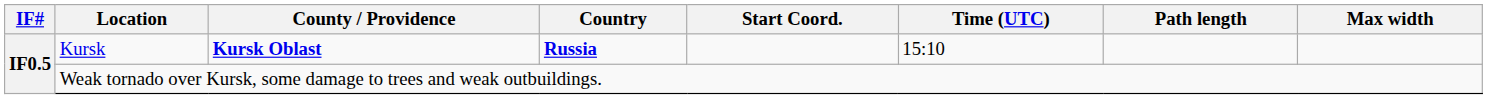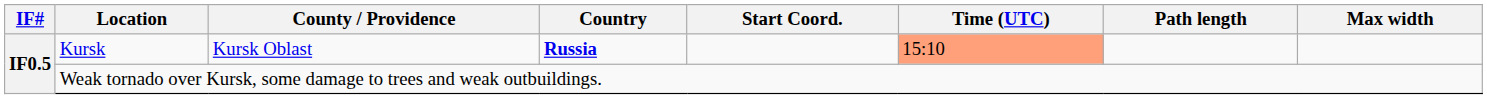 <table class="wikitable sortable" style="width:100%;">
 <tr>
 <th scope="col" width="2%" align="center"><a href='#'>IF#</a></th>
 <th scope="col" align="center" class="unsortable">Location</th>
 <th scope="col" align="center" class="unsortable">County / Providence</th>
 <th scope="col" align="center">Country</th>
 <th scope="col" align="center">Start Coord.</th>
 <th scope="col" align="center">Time (<a href='#'>UTC</a>)</th>
 <th scope="col" align="center">Path length</th>
 <th scope="col" align="center">Max width</th>
 </tr>
 <tr>
 <th scope="row" rowspan="2" style="background-color:#">IF0.5</th>
 <td><a href='#'>Kursk</a></td>
-<td><strong><a href='#'>Kursk Oblast</a></strong></td>
+<td><a href='#'>Kursk Oblast</a></td>
 <td><strong><a href='#'>Russia</a></strong></td>
 <td></td>
-<td>15:10</td>
+<td style="background: lightsalmon;">15:10</td>
 <td></td>
 <td></td>
 </tr>
 <tr class="expand-child">
 <td colspan="8" style=" border-bottom: 1px solid black;">Weak tornado over Kursk, some damage to trees and weak outbuildings.</td>
 </tr>
 </table>
